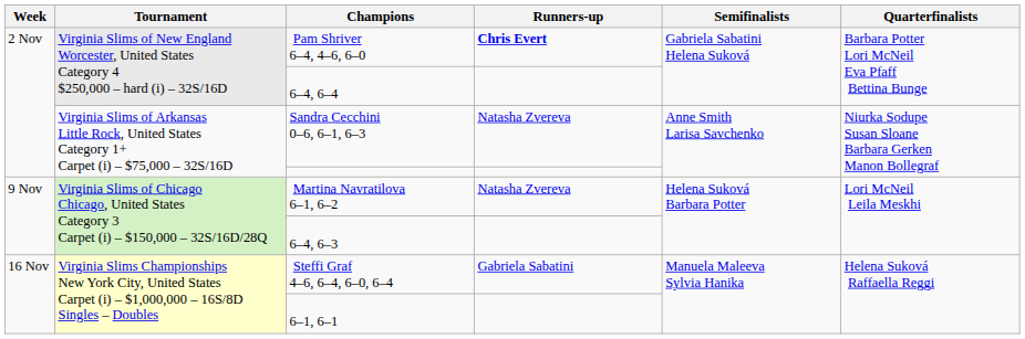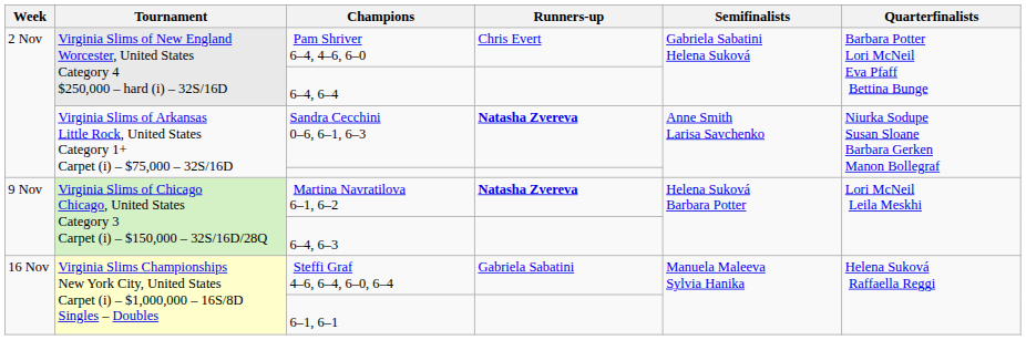 <table class=wikitable style=font-size:95%>
 <tr>
 <th style="width:48px;">Week</th>
 <th style="width:248px;">Tournament</th>
 <th style="width:200px;">Champions</th>
 <th style="width:200px;">Runners-up</th>
 <th style="width:190px;">Semifinalists</th>
 <th style="width:190px;">Quarterfinalists</th>
 </tr>
 <tr valign=top>
 <td rowspan=4>2 Nov</td>
 <td rowspan=2 style="background:#e9e9e9;"><a href='#'>Virginia Slims of New England</a><br><a href='#'>Worcester</a>, United States <br> Category 4 <br> $250,000 – hard (i)  – 32S/16D</td>
 <td> <a href='#'>Pam Shriver</a> <br>6–4, 4–6, 6–0</td>
-<td><strong> <a href='#'>Chris Evert</a></strong></td>
+<td> <a href='#'>Chris Evert</a></td>
 <td rowspan=2> <a href='#'>Gabriela Sabatini</a> <br> <a href='#'>Helena Suková</a></td>
 <td rowspan=2> <a href='#'>Barbara Potter</a> <br> <a href='#'>Lori McNeil</a> <br>  <a href='#'>Eva Pfaff</a><br> <a href='#'>Bettina Bunge</a></td>
 </tr>
 <tr valign="top">
 <td> <br>6–4, 6–4</td>
 <td></td>
 </tr>
 <tr valign=top>
 <td rowspan=2><a href='#'>Virginia Slims of Arkansas</a><br><a href='#'>Little Rock</a>, United States <br> Category 1+ <br> Carpet (i) – $75,000 – 32S/16D</td>
 <td> <a href='#'>Sandra Cecchini</a> <br>0–6, 6–1, 6–3</td>
-<td> <a href='#'>Natasha Zvereva</a></td>
+<td><strong> <a href='#'>Natasha Zvereva</a></strong></td>
 <td rowspan=2> <a href='#'>Anne Smith</a> <br> <a href='#'>Larisa Savchenko</a> <br></td>
 <td rowspan=2> <a href='#'>Niurka Sodupe</a> <br> <a href='#'>Susan Sloane</a> <br>  <a href='#'>Barbara Gerken</a>  <br> <a href='#'>Manon Bollegraf</a></td>
 </tr>
 <tr valign="top">
 <td></td>
 </tr>
 <tr valign="top">
 <td rowspan=2>9 Nov</td>
 <td rowspan=2 style="background:#d4f1c5;"><a href='#'>Virginia Slims of Chicago</a><br><a href='#'>Chicago</a>, United States <br> Category 3 <br> Carpet (i) – $150,000 – 32S/16D/28Q</td>
 <td> <a href='#'>Martina Navratilova</a><br>6–1, 6–2</td>
-<td> <a href='#'>Natasha Zvereva</a></td>
+<td><strong> <a href='#'>Natasha Zvereva</a></strong></td>
 <td rowspan=2> <a href='#'>Helena Suková</a> <br> <a href='#'>Barbara Potter</a></td>
 <td rowspan=2> <a href='#'>Lori McNeil</a><br> <a href='#'>Leila Meskhi</a><br></td>
 </tr>
 <tr valign="top">
 <td><br>6–4, 6–3</td>
 <td></td>
 </tr>
 <tr valign="top">
 <td rowspan=2>16 Nov</td>
 <td rowspan=2 bgcolor="#FFFFCC"><a href='#'>Virginia Slims Championships</a><br>New York City, United States<br>Carpet (i) – $1,000,000 – 16S/8D <br><a href='#'>Singles</a> – <a href='#'>Doubles</a></td>
 <td> <a href='#'>Steffi Graf</a><br>4–6, 6–4, 6–0, 6–4</td>
 <td> <a href='#'>Gabriela Sabatini</a></td>
 <td rowspan=2> <a href='#'>Manuela Maleeva</a> <br> <a href='#'>Sylvia Hanika</a></td>
 <td rowspan=2> <a href='#'>Helena Suková</a><br> <a href='#'>Raffaella Reggi</a><br></td>
 </tr>
 <tr valign="top">
 <td><br>6–1, 6–1</td>
 <td></td>
 </tr>
 </table>
